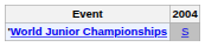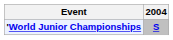 <table class="wikitable" style="font-size: 90%; text-align:center">
 <tr>
 <th>Event</th>
 <th>2004</th>
 </tr>
 <tr>
 <td bgcolor="#ECF2FF"; align="left"><strong>'<a href='#'>World Junior Championships</a></strong></td>
-<td bgcolor=silver><a href='#'>S</a></td>
+<td bgcolor=silver><strong><a href='#'>S</a></strong></td>
 </tr>
 </table>
